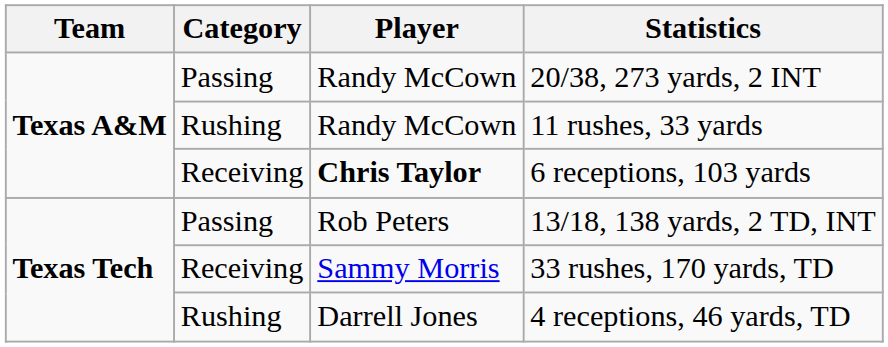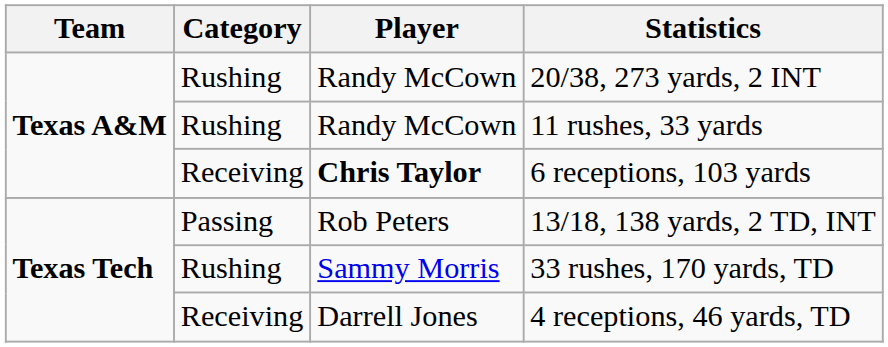 <table class="wikitable" style="float: right;">
 <tr>
 <th>Team</th>
 <th>Category</th>
 <th>Player</th>
 <th>Statistics</th>
 </tr>
 <tr>
 <td rowspan=3><strong>Texas A&M</strong></td>
-<td>Passing</td>
+<td>Rushing</td>
 <td>Randy McCown</td>
 <td>20/38, 273 yards, 2 INT</td>
 </tr>
 <tr>
 <td>Rushing</td>
 <td>Randy McCown</td>
 <td>11 rushes, 33 yards</td>
 </tr>
 <tr>
 <td>Receiving</td>
 <td><strong>Chris Taylor</strong></td>
 <td>6 receptions, 103 yards</td>
 </tr>
 <tr>
 <td rowspan=3><strong>Texas Tech</strong></td>
 <td>Passing</td>
 <td>Rob Peters</td>
 <td>13/18, 138 yards, 2 TD, INT</td>
 </tr>
 <tr>
-<td>Receiving</td>
+<td>Rushing</td>
 <td><a href='#'>Sammy Morris</a></td>
 <td>33 rushes, 170 yards, TD</td>
 </tr>
 <tr>
-<td>Rushing</td>
+<td>Receiving</td>
 <td>Darrell Jones</td>
 <td>4 receptions, 46 yards, TD</td>
 </tr>
 </table>
